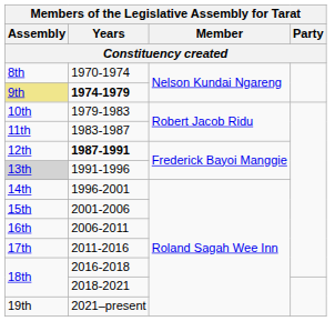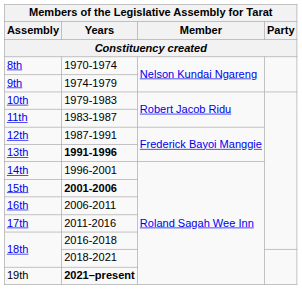 <table class=wikitable>
 <tr>
 <th colspan=5>Members of the Legislative Assembly for Tarat</th>
 </tr>
 <tr>
 <th>Assembly</th>
 <th>Years</th>
 <th>Member</th>
 <th>Party</th>
 </tr>
 <tr>
 <th colspan=4 align=center><em>Constituency created</em></th>
 </tr>
 <tr>
 <td><a href='#'>8th</a></td>
 <td>1970-1974</td>
 <td rowspan="2"><a href='#'>Nelson Kundai Ngareng</a></td>
 <td rowspan="2"></td>
 </tr>
 <tr>
-<td style="background: khaki;"><a href='#'>9th</a></td>
-<td><strong>1974-1979</strong></td>
+<td><a href='#'>9th</a></td>
+<td>1974-1979</td>
 </tr>
 <tr>
 <td><a href='#'>10th</a></td>
 <td>1979-1983</td>
 <td rowspan=2><a href='#'>Robert Jacob Ridu</a></td>
 <td rowspan=9></td>
 </tr>
 <tr>
 <td><a href='#'>11th</a></td>
 <td>1983-1987</td>
 </tr>
 <tr>
 <td><a href='#'>12th</a></td>
-<td><strong>1987-1991</strong></td>
+<td>1987-1991</td>
 <td rowspan=2><a href='#'>Frederick Bayoi Manggie</a></td>
 </tr>
 <tr>
-<td style="background: lightgrey;"><a href='#'>13th</a></td>
-<td>1991-1996</td>
+<td><a href='#'>13th</a></td>
+<td><strong>1991-1996</strong></td>
 </tr>
 <tr>
 <td><a href='#'>14th</a></td>
 <td>1996-2001</td>
 <td rowspan=7><a href='#'>Roland Sagah Wee Inn</a></td>
 </tr>
 <tr>
 <td><a href='#'>15th</a></td>
-<td>2001-2006</td>
+<td><strong>2001-2006</strong></td>
 </tr>
 <tr>
 <td><a href='#'>16th</a></td>
 <td>2006-2011</td>
 </tr>
 <tr>
 <td><a href='#'>17th</a></td>
 <td>2011-2016</td>
 </tr>
 <tr>
 <td rowspan=2><a href='#'>18th</a></td>
 <td>2016-2018</td>
 </tr>
 <tr>
 <td>2018-2021</td>
 <td rowspan=2></td>
 </tr>
 <tr>
 <td>19th</td>
-<td>2021–present</td>
+<td><strong>2021–present</strong></td>
 </tr>
 </table>
